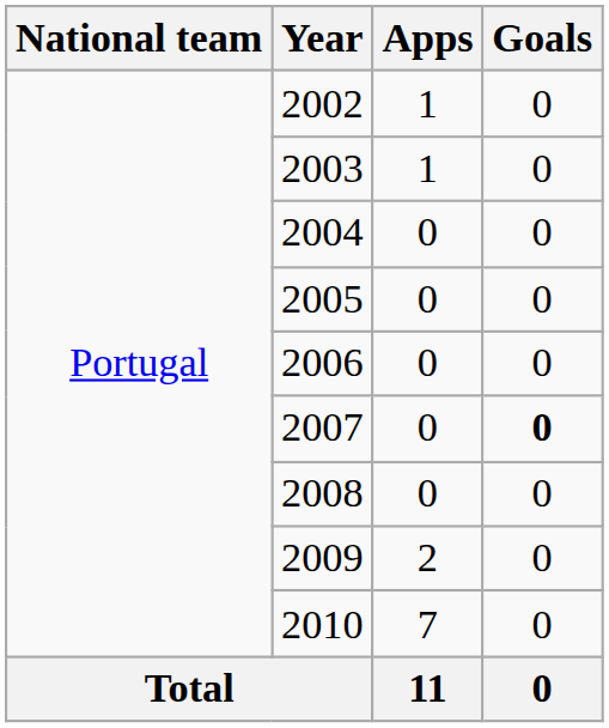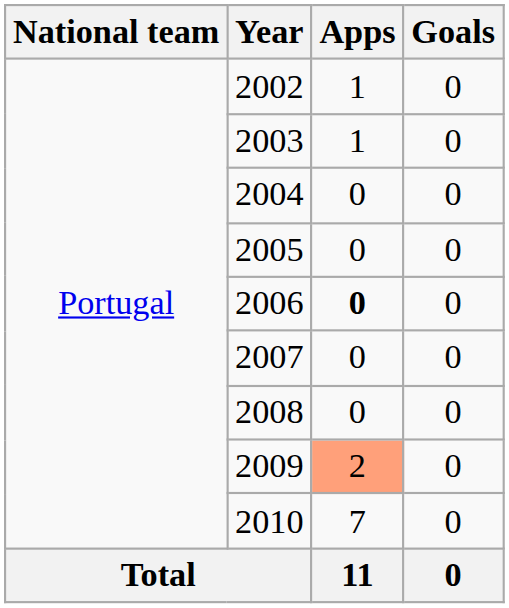 <table class=wikitable style="text-align: center">
 <tr>
 <th>National team</th>
 <th>Year</th>
 <th>Apps</th>
 <th>Goals</th>
 </tr>
 <tr>
 <td rowspan="9"><a href='#'>Portugal</a></td>
 <td>2002</td>
 <td>1</td>
 <td>0</td>
 </tr>
 <tr>
 <td>2003</td>
 <td>1</td>
 <td>0</td>
 </tr>
 <tr>
 <td>2004</td>
 <td>0</td>
 <td>0</td>
 </tr>
 <tr>
 <td>2005</td>
 <td>0</td>
 <td>0</td>
 </tr>
 <tr>
 <td>2006</td>
-<td>0</td>
+<td><strong>0</strong></td>
 <td>0</td>
 </tr>
 <tr>
 <td>2007</td>
 <td>0</td>
-<td><strong>0</strong></td>
+<td>0</td>
 </tr>
 <tr>
 <td>2008</td>
 <td>0</td>
 <td>0</td>
 </tr>
 <tr>
 <td>2009</td>
-<td>2</td>
+<td style="background: lightsalmon;">2</td>
 <td>0</td>
 </tr>
 <tr>
 <td>2010</td>
 <td>7</td>
 <td>0</td>
 </tr>
 <tr>
 <th colspan="2">Total</th>
 <th>11</th>
 <th>0</th>
 </tr>
 </table>
